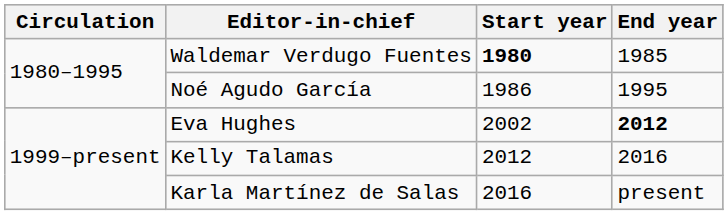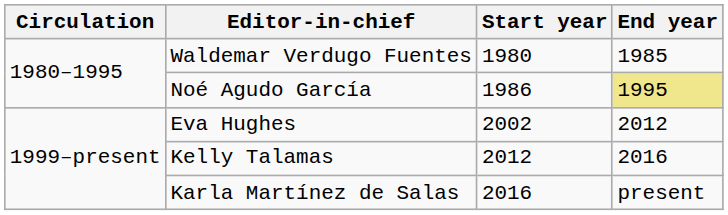 <table class="wikitable">
 <tr>
 <th>Circulation</th>
 <th>Editor-in-chief</th>
 <th>Start year</th>
 <th>End year</th>
 </tr>
 <tr>
 <td rowspan="2">1980–1995</td>
 <td>Waldemar Verdugo Fuentes</td>
-<td><strong>1980</strong></td>
+<td>1980</td>
 <td>1985</td>
 </tr>
 <tr>
 <td>Noé Agudo García</td>
 <td>1986</td>
-<td>1995</td>
+<td style="background: khaki;">1995</td>
 </tr>
 <tr>
 <td rowspan="3">1999–present</td>
 <td>Eva Hughes</td>
 <td>2002</td>
-<td><strong>2012</strong></td>
+<td>2012</td>
 </tr>
 <tr>
 <td>Kelly Talamas</td>
 <td>2012</td>
 <td>2016</td>
 </tr>
 <tr>
 <td>Karla Martínez de Salas</td>
 <td>2016</td>
 <td>present</td>
 </tr>
 </table>
